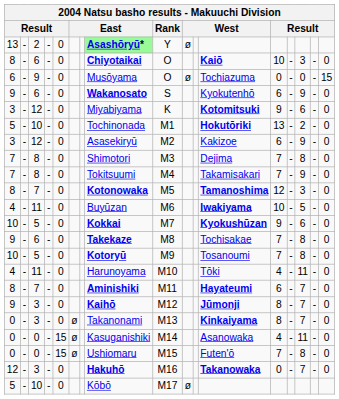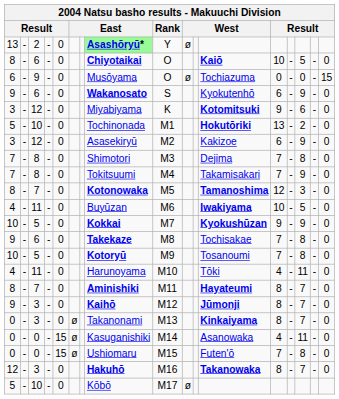 <table class="wikitable">
 <tr>
 <th colspan="17">2004 Natsu basho results - Makuuchi Division</th>
 </tr>
 <tr>
 <th colspan="5">Result</th>
 <th colspan="3">East</th>
 <th>Rank</th>
 <th colspan="3">West</th>
 <th colspan="5">Result</th>
 </tr>
 <tr>
 <td align=center>13</td>
 <td align=center>-</td>
 <td align=center>2</td>
 <td align=center>-</td>
 <td align=center>0</td>
 <td align=center></td>
 <td align=center></td>
 <td style="background: PaleGreen;"><strong><a href='#'>Asashōryū</a>*</strong></td>
 <td align=center>Y</td>
 <td align=center>ø</td>
 <td align=center></td>
 <td></td>
 <td align=center></td>
 <td align=center></td>
 <td align=center></td>
 <td align=center></td>
 <td align=center></td>
 </tr>
 <tr>
 <td align=center>8</td>
 <td align=center>-</td>
 <td align=center>6</td>
 <td align=center>-</td>
 <td align=center>0</td>
 <td align=center></td>
 <td align=center></td>
 <td><strong><a href='#'>Chiyotaikai</a></strong></td>
 <td align=center>O</td>
 <td align=center></td>
 <td align=center></td>
 <td><strong><a href='#'>Kaiō</a></strong></td>
 <td align=center>10</td>
 <td align=center>-</td>
-<td align=center>3</td>
+<td align=center>5</td>
 <td align=center>-</td>
 <td align=center>0</td>
 </tr>
 <tr>
 <td align=center>6</td>
 <td align=center>-</td>
 <td align=center>9</td>
 <td align=center>-</td>
 <td align=center>0</td>
 <td align=center></td>
 <td align=center></td>
 <td><a href='#'>Musōyama</a></td>
 <td align=center>O</td>
 <td align=center>ø</td>
 <td align=center></td>
 <td><a href='#'>Tochiazuma</a></td>
 <td align=center>0</td>
 <td align=center>-</td>
 <td align=center>0</td>
 <td align=center>-</td>
 <td align=center>15</td>
 </tr>
 <tr>
 <td align=center>9</td>
 <td align=center>-</td>
 <td align=center>6</td>
 <td align=center>-</td>
 <td align=center>0</td>
 <td align=center></td>
 <td align=center></td>
 <td><a href='#'><strong>Wakanosato</strong></a></td>
 <td align=center>S</td>
 <td align=center></td>
 <td align=center></td>
 <td><a href='#'>Kyokutenhō</a></td>
 <td align=center>6</td>
 <td align=center>-</td>
 <td align=center>9</td>
 <td align=center>-</td>
 <td align=center>0</td>
 </tr>
 <tr>
 <td align=center>3</td>
 <td align=center>-</td>
 <td align=center>12</td>
 <td align=center>-</td>
 <td align=center>0</td>
 <td align=center></td>
 <td align=center></td>
 <td><a href='#'>Miyabiyama</a></td>
 <td align=center>K</td>
 <td align=center></td>
 <td align=center></td>
 <td><a href='#'><strong>Kotomitsuki</strong></a></td>
 <td align=center>9</td>
 <td align=center>-</td>
 <td align=center>6</td>
 <td align=center>-</td>
 <td align=center>0</td>
 </tr>
 <tr>
 <td align=center>5</td>
 <td align=center>-</td>
 <td align=center>10</td>
 <td align=center>-</td>
 <td align=center>0</td>
 <td align=center></td>
 <td align=center></td>
 <td><a href='#'>Tochinonada</a></td>
 <td align=center>M1</td>
 <td align=center></td>
 <td align=center></td>
 <td><a href='#'><strong>Hokutōriki</strong></a></td>
 <td align=center>13</td>
 <td align=center>-</td>
 <td align=center>2</td>
 <td align=center>-</td>
 <td align=center>0</td>
 </tr>
 <tr>
 <td align=center>3</td>
 <td align=center>-</td>
 <td align=center>12</td>
 <td align=center>-</td>
 <td align=center>0</td>
 <td align=center></td>
 <td align=center></td>
 <td><a href='#'>Asasekiryū</a></td>
 <td align=center>M2</td>
 <td align=center></td>
 <td align=center></td>
 <td><a href='#'>Kakizoe</a></td>
 <td align=center>6</td>
 <td align=center>-</td>
 <td align=center>9</td>
 <td align=center>-</td>
 <td align=center>0</td>
 </tr>
 <tr>
 <td align=center>7</td>
 <td align=center>-</td>
 <td align=center>8</td>
 <td align=center>-</td>
 <td align=center>0</td>
 <td align=center></td>
 <td align=center></td>
 <td><a href='#'>Shimotori</a></td>
 <td align=center>M3</td>
 <td align=center></td>
 <td align=center></td>
 <td><a href='#'>Dejima</a></td>
 <td align=center>7</td>
 <td align=center>-</td>
 <td align=center>8</td>
 <td align=center>-</td>
 <td align=center>0</td>
 </tr>
 <tr>
 <td align=center>7</td>
 <td align=center>-</td>
 <td align=center>8</td>
 <td align=center>-</td>
 <td align=center>0</td>
 <td align=center></td>
 <td align=center></td>
 <td><a href='#'>Tokitsuumi</a></td>
 <td align=center>M4</td>
 <td align=center></td>
 <td align=center></td>
 <td><a href='#'>Takamisakari</a></td>
 <td align=center>7</td>
 <td align=center>-</td>
 <td align=center>9</td>
 <td align=center>-</td>
 <td align=center>0</td>
 </tr>
 <tr>
 <td align=center>8</td>
 <td align=center>-</td>
 <td align=center>7</td>
 <td align=center>-</td>
 <td align=center>0</td>
 <td align=center></td>
 <td align=center></td>
 <td><a href='#'><strong>Kotonowaka</strong></a></td>
 <td align=center>M5</td>
 <td align=center></td>
 <td align=center></td>
 <td><a href='#'><strong>Tamanoshima</strong></a></td>
 <td align=center>12</td>
 <td align=center>-</td>
 <td align=center>3</td>
 <td align=center>-</td>
 <td align=center>0</td>
 </tr>
 <tr>
 <td align=center>4</td>
 <td align=center>-</td>
 <td align=center>11</td>
 <td align=center>-</td>
 <td align=center>0</td>
 <td align=center></td>
 <td align=center></td>
 <td><a href='#'>Buyūzan</a></td>
 <td align=center>M6</td>
 <td align=center></td>
 <td align=center></td>
 <td><a href='#'><strong>Iwakiyama</strong></a></td>
 <td align=center>10</td>
 <td align=center>-</td>
 <td align=center>5</td>
 <td align=center>-</td>
 <td align=center>0</td>
 </tr>
 <tr>
 <td align=center>10</td>
 <td align=center>-</td>
 <td align=center>5</td>
 <td align=center>-</td>
 <td align=center>0</td>
 <td align=center></td>
 <td align=center></td>
 <td><strong><a href='#'>Kokkai</a></strong></td>
 <td align=center>M7</td>
 <td align=center></td>
 <td align=center></td>
 <td><a href='#'><strong>Kyokushūzan</strong></a></td>
 <td align=center>9</td>
 <td align=center>-</td>
-<td align=center>6</td>
+<td align=center>9</td>
 <td align=center>-</td>
 <td align=center>0</td>
 </tr>
 <tr>
 <td align=center>9</td>
 <td align=center>-</td>
 <td align=center>6</td>
 <td align=center>-</td>
 <td align=center>0</td>
 <td align=center></td>
 <td align=center></td>
 <td><a href='#'><strong>Takekaze</strong></a></td>
 <td align=center>M8</td>
 <td align=center></td>
 <td align=center></td>
 <td><a href='#'>Tochisakae</a></td>
 <td align=center>7</td>
 <td align=center>-</td>
 <td align=center>8</td>
 <td align=center>-</td>
 <td align=center>0</td>
 </tr>
 <tr>
 <td align=center>10</td>
 <td align=center>-</td>
 <td align=center>5</td>
 <td align=center>-</td>
 <td align=center>0</td>
 <td align=center></td>
 <td align=center></td>
 <td><a href='#'><strong>Kotoryū</strong></a></td>
 <td align=center>M9</td>
 <td align=center></td>
 <td align=center></td>
 <td><a href='#'>Tosanoumi</a></td>
 <td align=center>7</td>
 <td align=center>-</td>
 <td align=center>8</td>
 <td align=center>-</td>
 <td align=center>0</td>
 </tr>
 <tr>
 <td align=center>4</td>
 <td align=center>-</td>
 <td align=center>11</td>
 <td align=center>-</td>
 <td align=center>0</td>
 <td align=center></td>
 <td align=center></td>
 <td><a href='#'>Harunoyama</a></td>
 <td align=center>M10</td>
 <td align=center></td>
 <td align=center></td>
 <td><a href='#'>Tōki</a></td>
 <td align=center>4</td>
 <td align=center>-</td>
 <td align=center>11</td>
 <td align=center>-</td>
 <td align=center>0</td>
 </tr>
 <tr>
 <td align=center>8</td>
 <td align=center>-</td>
 <td align=center>7</td>
 <td align=center>-</td>
 <td align=center>0</td>
 <td align=center></td>
 <td align=center></td>
 <td><a href='#'><strong>Aminishiki</strong></a></td>
 <td align=center>M11</td>
 <td align=center></td>
 <td align=center></td>
 <td><a href='#'><strong>Hayateumi</strong></a></td>
-<td align=center>6</td>
+<td align=center>8</td>
 <td align=center>-</td>
 <td align=center>7</td>
 <td align=center>-</td>
 <td align=center>0</td>
 </tr>
 <tr>
 <td align=center>9</td>
 <td align=center>-</td>
 <td align=center>3</td>
 <td align=center>-</td>
 <td align=center>0</td>
 <td align=center></td>
 <td align=center></td>
 <td><a href='#'><strong>Kaihō</strong></a></td>
 <td align=center>M12</td>
 <td align=center></td>
 <td align=center></td>
 <td><strong><a href='#'>Jūmonji</a></strong></td>
 <td align=center>8</td>
 <td align=center>-</td>
 <td align=center>7</td>
 <td align=center>-</td>
 <td align=center>0</td>
 </tr>
 <tr>
 <td align=center>0</td>
 <td align=center>-</td>
 <td align=center>3</td>
 <td align=center>-</td>
 <td align=center>0</td>
 <td align=center>ø</td>
 <td align=center></td>
 <td><a href='#'>Takanonami</a></td>
 <td align=center>M13</td>
 <td align=center></td>
 <td align=center></td>
 <td><a href='#'><strong>Kinkaiyama</strong></a></td>
 <td align=center>8</td>
 <td align=center>-</td>
 <td align=center>7</td>
 <td align=center>-</td>
 <td align=center>0</td>
 </tr>
 <tr>
 <td align=center>0</td>
 <td align=center>-</td>
 <td align=center>0</td>
 <td align=center>-</td>
 <td align=center>15</td>
 <td align=center>ø</td>
 <td align=center></td>
 <td><a href='#'>Kasuganishiki</a></td>
 <td align=center>M14</td>
 <td align=center></td>
 <td align=center></td>
 <td><a href='#'>Asanowaka</a></td>
 <td align=center>4</td>
 <td align=center>-</td>
 <td align=center>11</td>
 <td align=center>-</td>
 <td align=center>0</td>
 </tr>
 <tr>
 <td align=center>0</td>
 <td align=center>-</td>
 <td align=center>0</td>
 <td align=center>-</td>
 <td align=center>15</td>
 <td align=center>ø</td>
 <td align=center></td>
 <td><a href='#'>Ushiomaru</a></td>
 <td align=center>M15</td>
 <td align=center></td>
 <td align=center></td>
 <td><a href='#'>Futen'ō</a></td>
 <td align=center>7</td>
 <td align=center>-</td>
 <td align=center>8</td>
 <td align=center>-</td>
 <td align=center>0</td>
 </tr>
 <tr>
 <td align=center>12</td>
 <td align=center>-</td>
 <td align=center>3</td>
 <td align=center>-</td>
 <td align=center>0</td>
 <td align=center></td>
 <td align=center></td>
 <td><strong><a href='#'>Hakuhō</a></strong></td>
 <td align=center>M16</td>
 <td align=center></td>
 <td align=center></td>
 <td><a href='#'><strong>Takanowaka</strong></a></td>
-<td align=center>0</td>
+<td align=center>8</td>
 <td align=center>-</td>
 <td align=center>7</td>
 <td align=center>-</td>
 <td align=center>0</td>
 </tr>
 <tr>
 <td align=center>5</td>
 <td align=center>-</td>
 <td align=center>10</td>
 <td align=center>-</td>
 <td align=center>0</td>
 <td align=center></td>
 <td align=center></td>
 <td><a href='#'>Kōbō</a></td>
 <td align=center>M17</td>
 <td align=center>ø</td>
 <td align=center></td>
 <td></td>
 <td align=center></td>
 <td align=center></td>
 <td align=center></td>
 <td align=center></td>
 <td align=center></td>
 </tr>
 </table>
